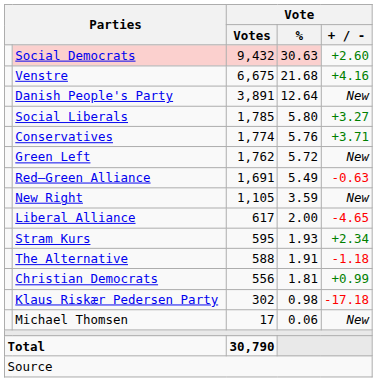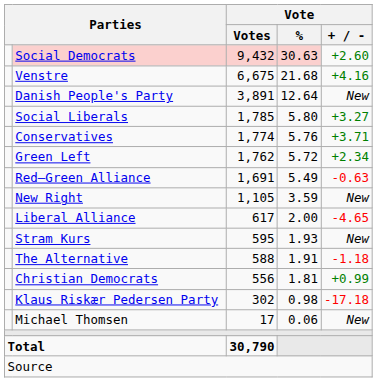 <table class="wikitable" style="text-align:right;">
 <tr>
 <th style="text-align:centre;" rowspan="2" colspan="2" width="225">Parties</th>
 <th colspan="3">Vote</th>
 </tr>
 <tr>
 <th width="15">Votes</th>
 <th width="15">%</th>
 <th width="15">+ / -</th>
 </tr>
 <tr>
 <td width="2" style="color:inherit;background:"></td>
 <td bgcolor=#fbd0ce  align="left"><a href='#'>Social Democrats</a></td>
 <td bgcolor=#fbd0ce>9,432</td>
 <td bgcolor=#fbd0ce>30.63</td>
 <td style=color:green;>+2.60</td>
 </tr>
 <tr>
 <td width="2" style="color:inherit;background:"></td>
 <td align="left"><a href='#'>Venstre</a></td>
 <td>6,675</td>
 <td>21.68</td>
 <td style=color:green;>+4.16</td>
 </tr>
 <tr>
 <td width="2" style="color:inherit;background:"></td>
 <td align="left"><a href='#'>Danish People's Party</a></td>
 <td>3,891</td>
 <td>12.64</td>
 <td><em>New</em></td>
 </tr>
 <tr>
 <td width="2" style="color:inherit;background:"></td>
 <td align="left"><a href='#'>Social Liberals</a></td>
 <td>1,785</td>
 <td>5.80</td>
 <td style=color:green;>+3.27</td>
 </tr>
 <tr>
 <td width="2" style="color:inherit;background:"></td>
 <td align="left"><a href='#'>Conservatives</a></td>
 <td>1,774</td>
 <td>5.76</td>
 <td style=color:green;>+3.71</td>
 </tr>
 <tr>
 <td width="2" style="color:inherit;background:"></td>
 <td align="left"><a href='#'>Green Left</a></td>
 <td>1,762</td>
 <td>5.72</td>
-<td><em>New</em></td>
+<td style=color:green;>+2.34</td>
 </tr>
 <tr>
 <td width="2" style="color:inherit;background:"></td>
 <td align="left"><a href='#'>Red–Green Alliance</a></td>
 <td>1,691</td>
 <td>5.49</td>
 <td style=color:red;>-0.63</td>
 </tr>
 <tr>
 <td width="2" style="color:inherit;background:"></td>
 <td align="left"><a href='#'>New Right</a></td>
 <td>1,105</td>
 <td>3.59</td>
 <td><em>New</em></td>
 </tr>
 <tr>
 <td width="2" style="color:inherit;background:"></td>
 <td align="left"><a href='#'>Liberal Alliance</a></td>
 <td>617</td>
 <td>2.00</td>
 <td style=color:red;>-4.65</td>
 </tr>
 <tr>
 <td width="2" style="color:inherit;background:"></td>
 <td align="left"><a href='#'>Stram Kurs</a></td>
 <td>595</td>
 <td>1.93</td>
-<td style=color:green;>+2.34</td>
+<td><em>New</em></td>
 </tr>
 <tr>
 <td width="2" style="color:inherit;background:"></td>
 <td align="left"><a href='#'>The Alternative</a></td>
 <td>588</td>
 <td>1.91</td>
 <td style=color:red;>-1.18</td>
 </tr>
 <tr>
 <td width="2" style="color:inherit;background:"></td>
 <td align="left"><a href='#'>Christian Democrats</a></td>
 <td>556</td>
 <td>1.81</td>
 <td style=color:green;>+0.99</td>
 </tr>
 <tr>
 <td width="2" style="color:inherit;background:"></td>
 <td align="left"><a href='#'>Klaus Riskær Pedersen Party</a></td>
 <td>302</td>
 <td>0.98</td>
 <td style=color:red;>-17.18</td>
 </tr>
 <tr>
 <td width="2" style="color:inherit;background:"></td>
 <td align="left">Michael Thomsen</td>
 <td>17</td>
 <td>0.06</td>
 <td><em>New</em></td>
 </tr>
 <tr>
 <td colspan="7" bgcolor="#E9E9E9"></td>
 </tr>
 <tr>
 <td align="left" colspan="2"><strong>Total</strong></td>
 <td><strong>30,790</strong></td>
 <td bgcolor="#E9E9E9" colspan="2"></td>
 </tr>
 <tr>
 <td align="left" colspan="6">Source</td>
 </tr>
 </table>
